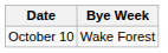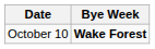 <table class="wikitable" style="font-size:95%;">
 <tr>
 <th>Date</th>
 <th colspan="1">Bye Week</th>
 </tr>
 <tr>
 <td>October 10</td>
-<td>Wake Forest</td>
+<td><strong>Wake Forest</strong></td>
 </tr>
 </table>
